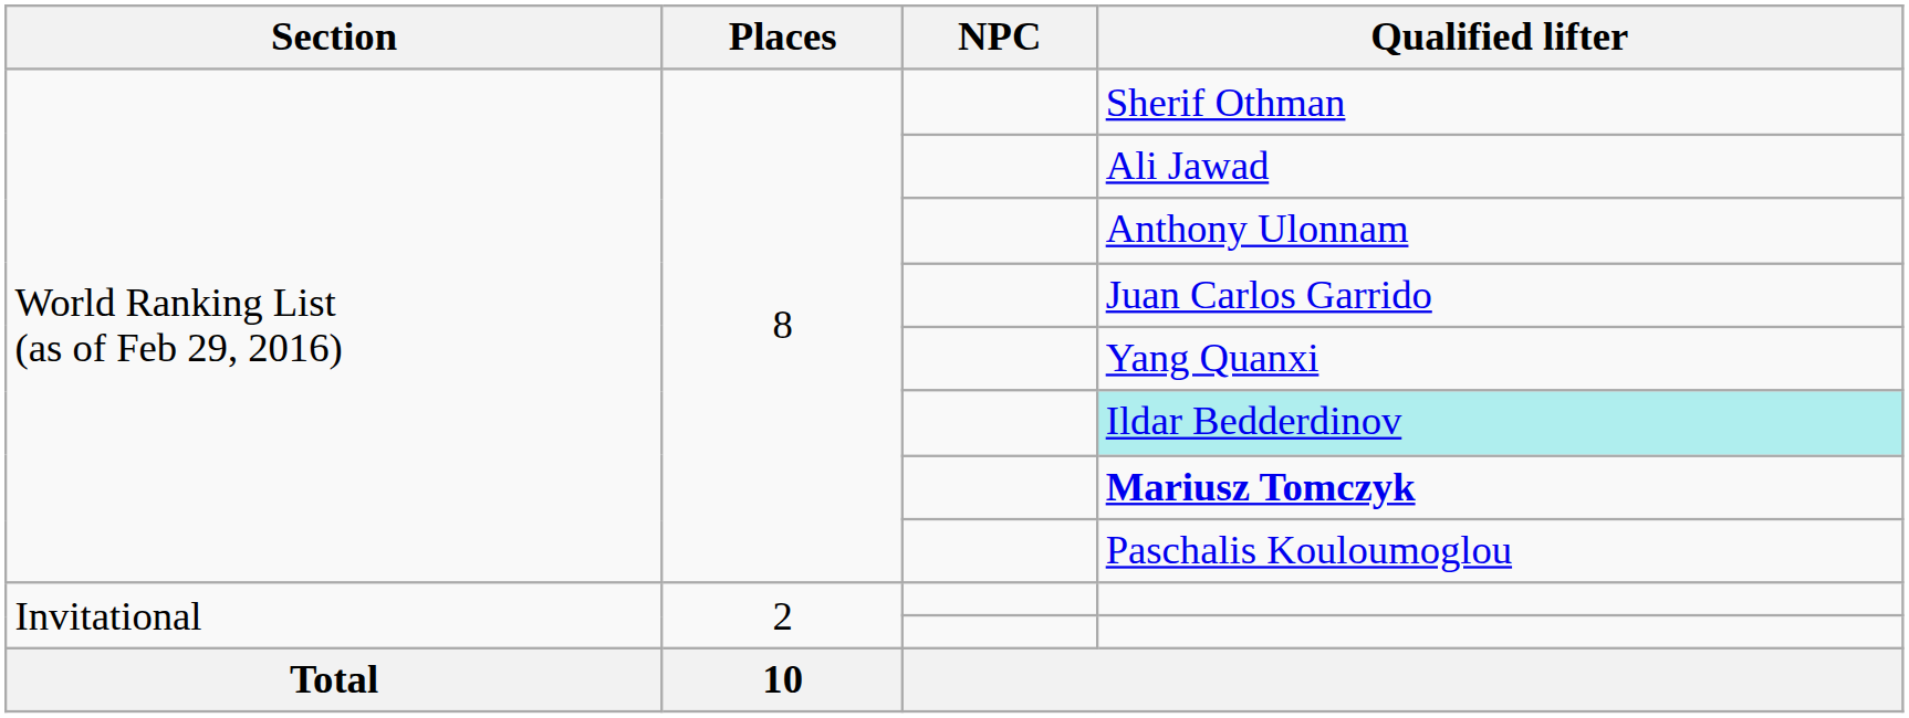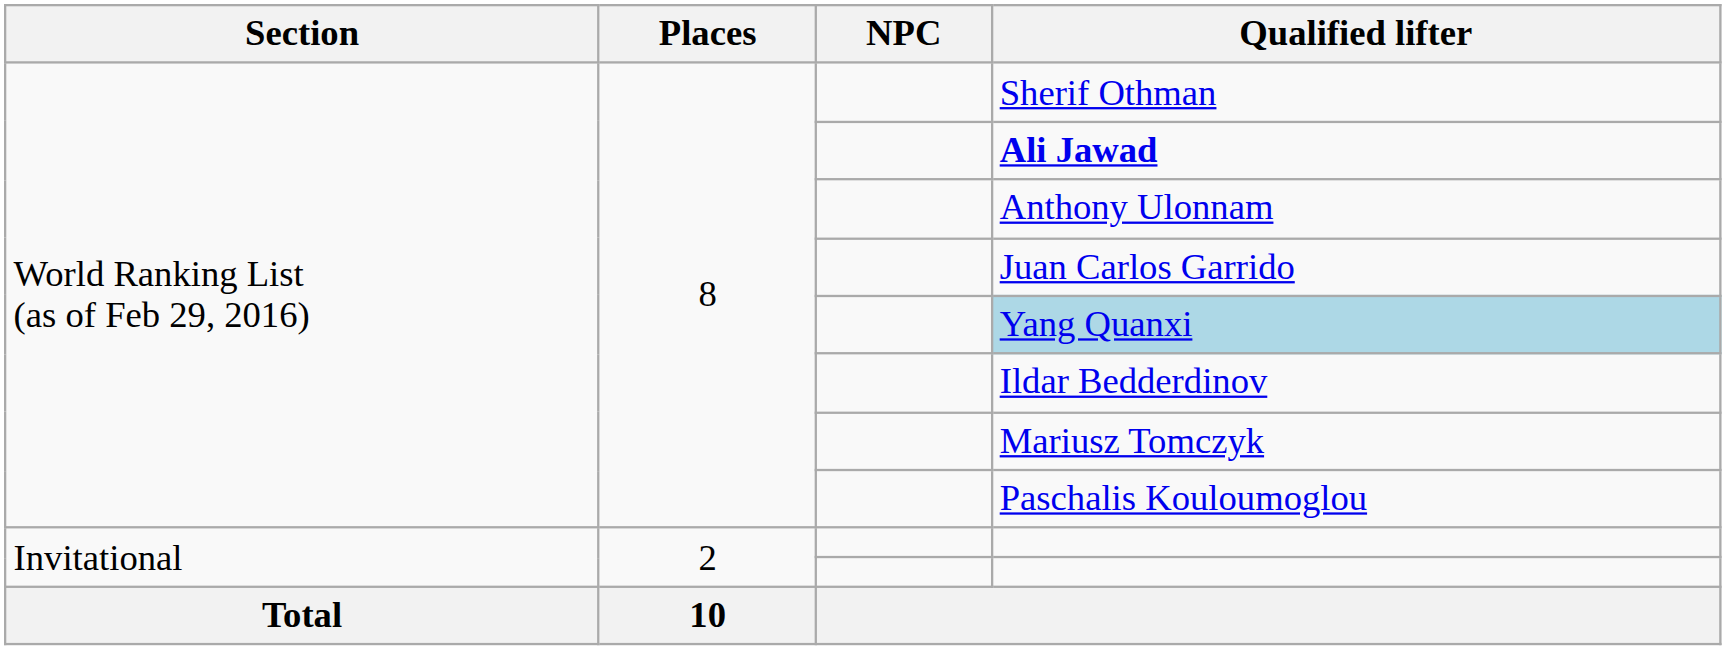 <table class="wikitable"  width=750>
 <tr>
 <th>Section</th>
 <th>Places</th>
 <th>NPC</th>
 <th>Qualified lifter</th>
 </tr>
 <tr>
 <td rowspan=8>World Ranking List<br>(as of Feb 29, 2016)</td>
 <td rowspan=8 align=center>8</td>
 <td></td>
 <td><a href='#'>Sherif Othman</a></td>
 </tr>
 <tr>
 <td></td>
-<td><a href='#'>Ali Jawad</a></td>
+<td><strong><a href='#'>Ali Jawad</a></strong></td>
 </tr>
 <tr>
 <td></td>
 <td><a href='#'>Anthony Ulonnam</a></td>
 </tr>
 <tr>
 <td></td>
 <td><a href='#'>Juan Carlos Garrido</a></td>
 </tr>
 <tr>
 <td></td>
-<td><a href='#'>Yang Quanxi</a></td>
+<td style="background: lightblue;"><a href='#'>Yang Quanxi</a></td>
 </tr>
 <tr>
 <td></td>
-<td style="background: paleturquoise;"><a href='#'>Ildar Bedderdinov</a></td>
+<td><a href='#'>Ildar Bedderdinov</a></td>
 </tr>
 <tr>
 <td></td>
-<td><strong><a href='#'>Mariusz Tomczyk</a></strong></td>
+<td><a href='#'>Mariusz Tomczyk</a></td>
 </tr>
 <tr>
 <td></td>
 <td><a href='#'>Paschalis Kouloumoglou</a></td>
 </tr>
 <tr>
 <td rowspan=2>Invitational</td>
 <td rowspan="2" align=center>2</td>
 <td></td>
 <td></td>
 </tr>
 <tr>
 <td></td>
 <td></td>
 </tr>
 <tr>
 <th>Total</th>
 <th>10</th>
 <th colspan=2></th>
 </tr>
 </table>
